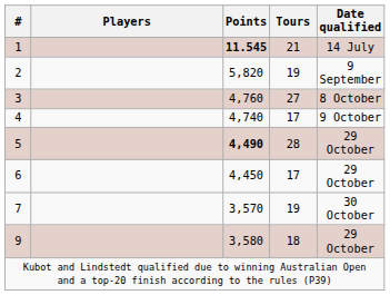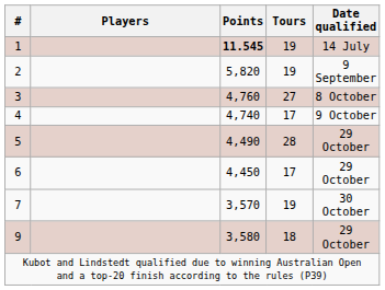 <table class="sortable wikitable" style="float:right;margin-left:1em;text-align:center;font-size:85%;text:justify;">
 <tr>
 <th width=20>#</th>
 <th width=180>Players</th>
 <th width=40>Points</th>
 <th width=40>Tours</th>
 <th width=60>Date qualified</th>
 </tr>
 <tr style="text-align:center; background:#e5d1cb;">
 <td>1</td>
 <td align=left><br></td>
 <td><strong>11.545</strong></td>
-<td>21</td>
+<td>19</td>
 <td>14 July</td>
 </tr>
 <tr align=center>
 <td>2</td>
 <td align=left><br></td>
 <td>5,820</td>
 <td>19</td>
 <td>9 September</td>
 </tr>
 <tr style="text-align:center; background:#e5d1cb;">
 <td>3</td>
 <td align=left><br></td>
 <td>4,760</td>
 <td>27</td>
 <td>8 October</td>
 </tr>
 <tr align=center>
 <td>4</td>
 <td align=left><br></td>
 <td>4,740</td>
 <td>17</td>
 <td>9 October</td>
 </tr>
 <tr style="text-align:center; background:#e5d1cb;">
 <td>5</td>
 <td align=left><br></td>
-<td><strong>4,490</strong></td>
+<td>4,490</td>
 <td>28</td>
 <td>29 October</td>
 </tr>
 <tr align=center>
 <td>6</td>
 <td align=left><br></td>
 <td>4,450</td>
 <td>17</td>
 <td>29 October</td>
 </tr>
 <tr align=center>
 <td>7</td>
 <td align=left><br></td>
 <td>3,570</td>
 <td>19</td>
 <td>30 October</td>
 </tr>
 <tr style="text-align:center; background:#e5d1cb;">
 <td>9</td>
 <td align=left><br></td>
 <td>3,580</td>
 <td>18</td>
 <td>29 October</td>
 </tr>
 <tr align=center>
 <td colspan=5 style="text-align:center;"><small>Kubot and Lindstedt qualified due to winning Australian Open<br>and a top-20 finish according to the rules (P39)</small></td>
 </tr>
 </table>
